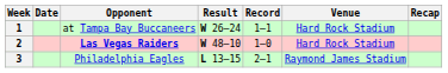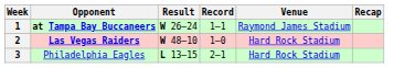 <table class="wikitable" style="text-align:center">
 <tr>
 <th>Week</th>
-<th>Date</th>
 <th>Opponent</th>
 <th>Result</th>
 <th>Record</th>
 <th>Venue</th>
 <th>Recap</th>
 </tr>
 <tr style="background:#cfc">
 <th>1</th>
-<td></td>
-<td>at <a href='#'>Tampa Bay Buccaneers</a></td>
+<td><strong>at <a href='#'>Tampa Bay Buccaneers</a></strong></td>
 <td><strong>W</strong> 26–24</td>
 <td>1–1</td>
-<td><a href='#'>Hard Rock Stadium</a></td>
+<td><a href='#'>Raymond James Stadium</a></td>
 <td></td>
 </tr>
 <tr style="background:#fcc">
 <th>2</th>
-<td></td>
 <td><strong><a href='#'>Las Vegas Raiders</a></strong></td>
 <td><strong>W</strong> 48–10</td>
 <td>1–0</td>
 <td><a href='#'>Hard Rock Stadium</a></td>
 <td></td>
 </tr>
 <tr style="background:#cfc">
 <th>3</th>
-<td></td>
 <td><a href='#'>Philadelphia Eagles</a></td>
 <td><strong>L</strong> 13–15</td>
 <td>2–1</td>
-<td><a href='#'>Raymond James Stadium</a></td>
+<td><a href='#'>Hard Rock Stadium</a></td>
 <td></td>
 </tr>
 </table>
